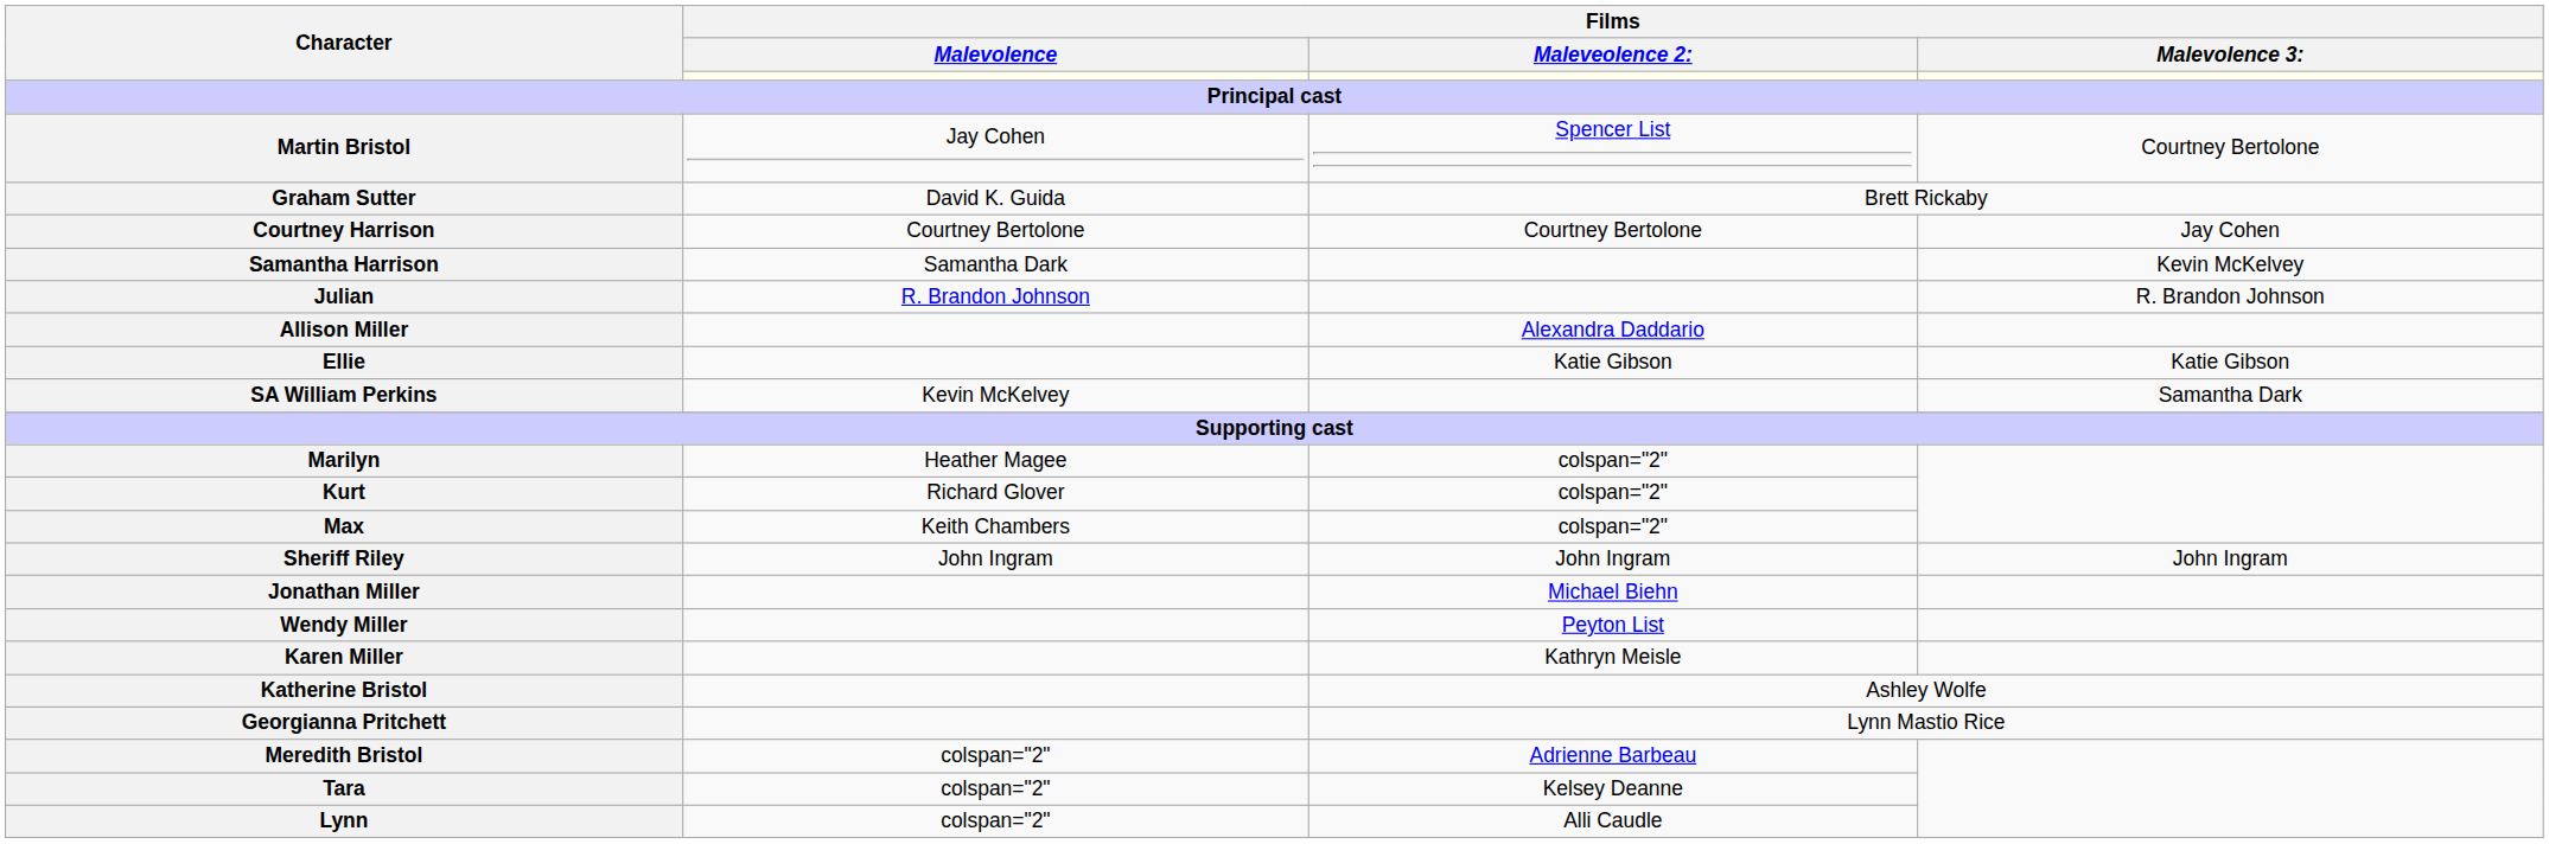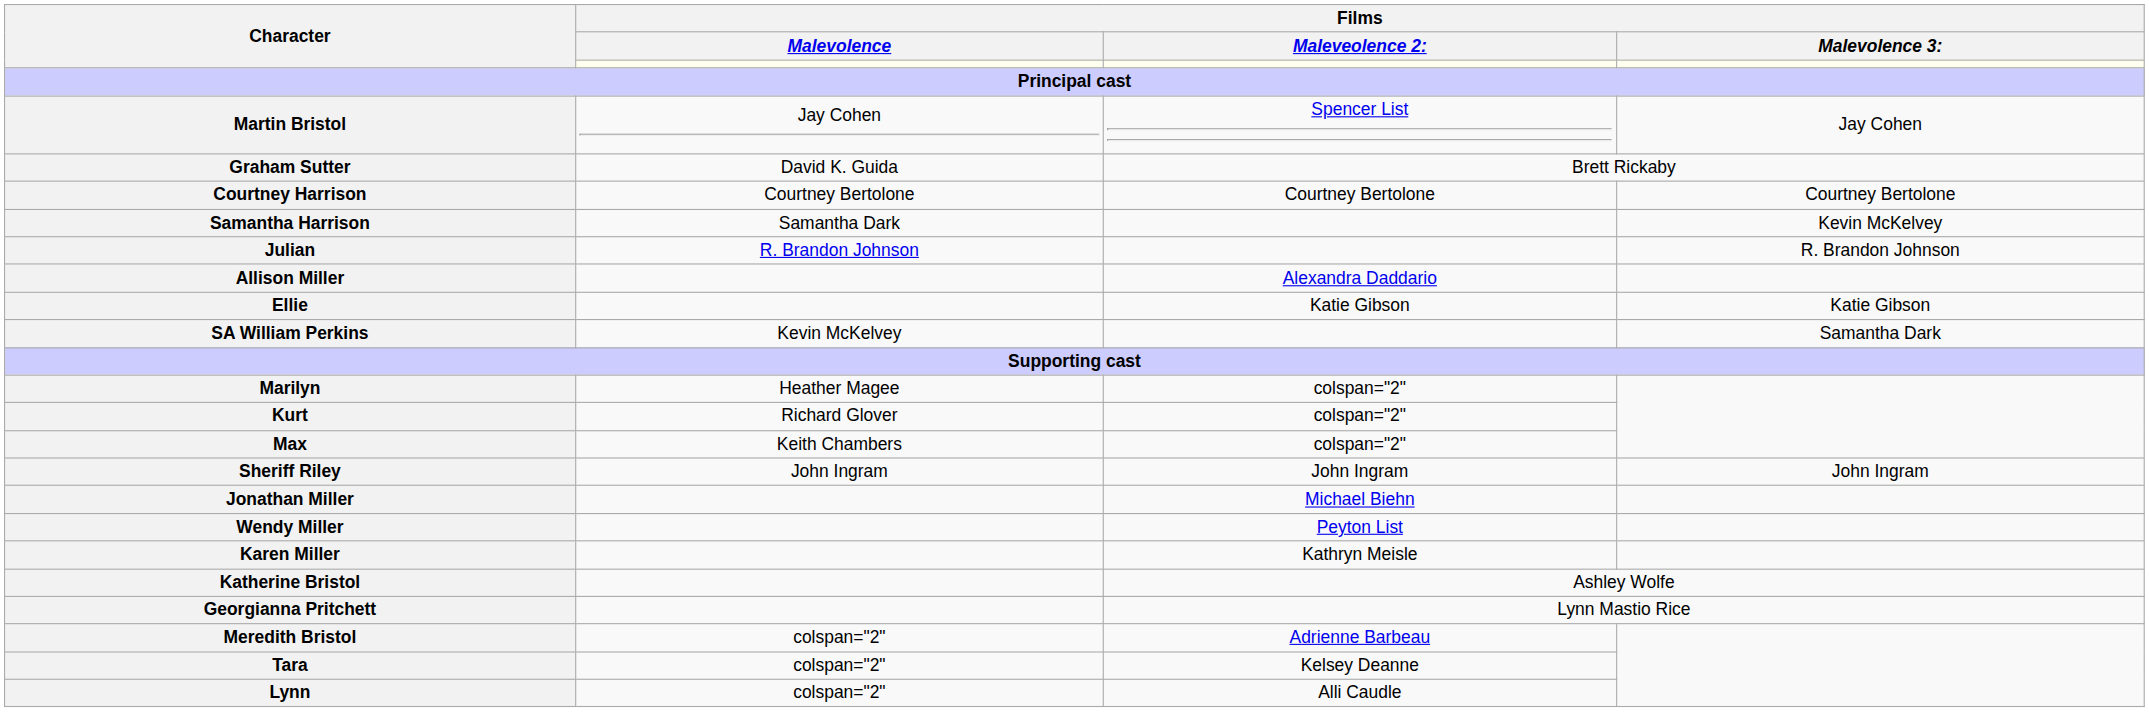 <table class="wikitable" style="text-align:center; width:99%;">
 <tr>
 <th rowspan="3">Character</th>
 <th colspan="4" style="text-align:center;">Films</th>
 </tr>
 <tr>
 <th style="text-align:center;"><em><a href='#'>Malevolence</a></em></th>
 <th style="text-align:center;"><em><a href='#'>Maleveolence 2: <br></a></em></th>
 <th style="text-align:center;"><em>Malevolence 3:<br></em></th>
 </tr>
 <tr>
 <th style="background:ivory;"></th>
 <th style="background:ivory;"></th>
 <th style="background:ivory;"></th>
 </tr>
 <tr>
 <th style="background-color:#ccccff;" colspan="4">Principal cast</th>
 </tr>
 <tr>
 <th>Martin Bristol</th>
 <td>Jay Cohen<hr></td>
 <td><a href='#'>Spencer List</a><hr><hr></td>
-<td>Courtney Bertolone</td>
+<td>Jay Cohen</td>
 </tr>
 <tr>
 <th>Graham Sutter</th>
 <td>David K. Guida</td>
 <td colspan="2">Brett Rickaby</td>
 </tr>
 <tr>
 <th>Courtney Harrison</th>
 <td>Courtney Bertolone</td>
 <td>Courtney Bertolone</td>
-<td>Jay Cohen</td>
+<td>Courtney Bertolone</td>
 </tr>
 <tr>
 <th>Samantha Harrison</th>
 <td>Samantha Dark</td>
 <td></td>
 <td>Kevin McKelvey</td>
 </tr>
 <tr>
 <th>Julian</th>
 <td><a href='#'>R. Brandon Johnson</a></td>
 <td></td>
 <td>R. Brandon Johnson</td>
 </tr>
 <tr>
 <th>Allison Miller</th>
 <td></td>
 <td><a href='#'>Alexandra Daddario</a></td>
 <td></td>
 </tr>
 <tr>
 <th>Ellie</th>
 <td></td>
 <td>Katie Gibson</td>
 <td>Katie Gibson</td>
 </tr>
 <tr>
 <th>SA William Perkins</th>
 <td>Kevin McKelvey</td>
 <td></td>
 <td>Samantha Dark</td>
 </tr>
 <tr>
 <th style="background-color:#ccccff;" colspan="4">Supporting cast</th>
 </tr>
 <tr>
 <th>Marilyn</th>
 <td>Heather Magee</td>
 <td>colspan="2" </td>
 </tr>
 <tr>
 <th>Kurt</th>
 <td>Richard Glover</td>
 <td>colspan="2" </td>
 </tr>
 <tr>
 <th>Max</th>
 <td>Keith Chambers</td>
 <td>colspan="2" </td>
 </tr>
 <tr>
 <th>Sheriff Riley</th>
 <td>John Ingram</td>
 <td>John Ingram</td>
 <td>John Ingram</td>
 </tr>
 <tr>
 <th>Jonathan Miller</th>
 <td></td>
 <td><a href='#'>Michael Biehn</a></td>
 <td></td>
 </tr>
 <tr>
 <th>Wendy Miller</th>
 <td></td>
 <td><a href='#'>Peyton List</a></td>
 <td></td>
 </tr>
 <tr>
 <th>Karen Miller</th>
 <td></td>
 <td>Kathryn Meisle</td>
 <td></td>
 </tr>
 <tr>
 <th>Katherine Bristol</th>
 <td></td>
 <td colspan="2">Ashley Wolfe</td>
 </tr>
 <tr>
 <th>Georgianna Pritchett</th>
 <td></td>
 <td colspan="2">Lynn Mastio Rice</td>
 </tr>
 <tr>
 <th>Meredith Bristol</th>
 <td>colspan="2" </td>
 <td><a href='#'>Adrienne Barbeau</a></td>
 </tr>
 <tr>
 <th>Tara</th>
 <td>colspan="2" </td>
 <td>Kelsey Deanne</td>
 </tr>
 <tr>
 <th>Lynn</th>
 <td>colspan="2" </td>
 <td>Alli Caudle</td>
 </tr>
 </table>
